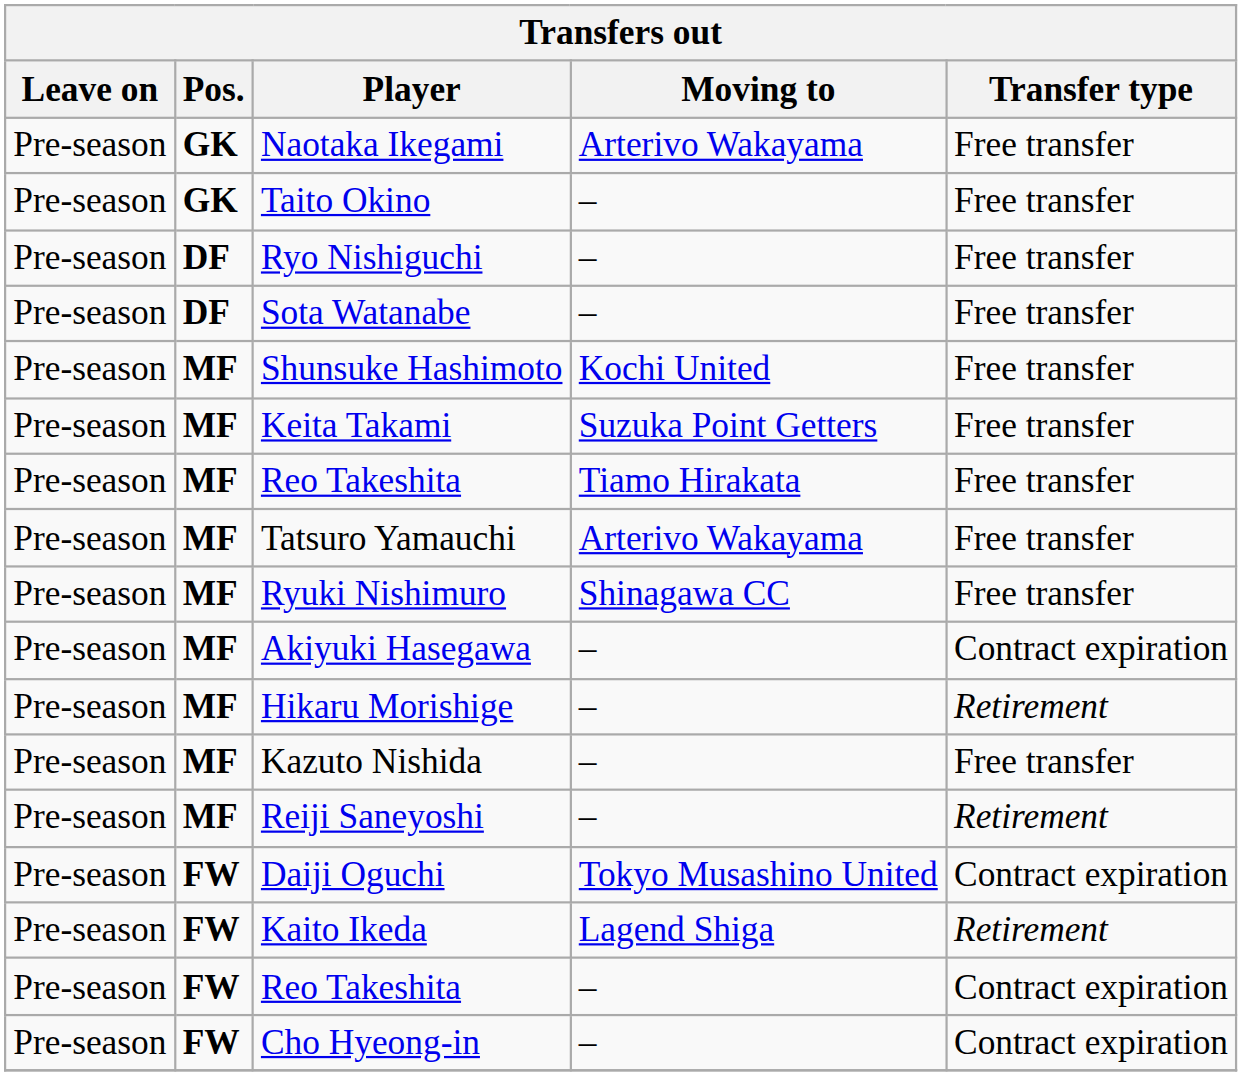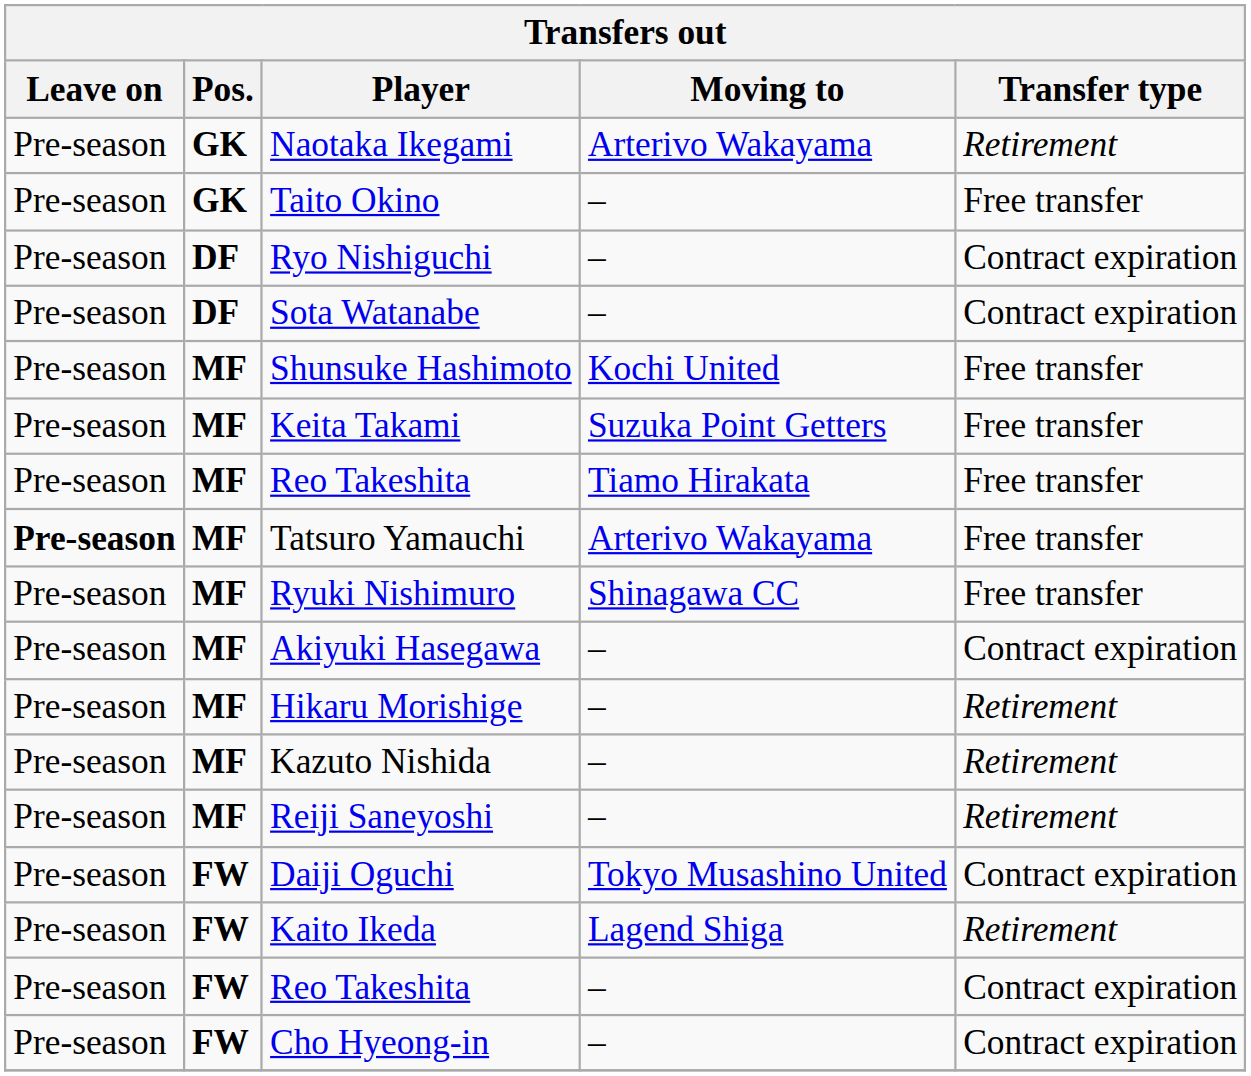 <table class="wikitable sortable" style=“text-align:left;>
 <tr>
 <th colspan="5">Transfers out</th>
 </tr>
 <tr>
 <th>Leave on</th>
 <th>Pos.</th>
 <th>Player</th>
 <th>Moving to</th>
 <th>Transfer type</th>
 </tr>
 <tr>
 <td>Pre-season</td>
 <td><strong>GK</strong></td>
 <td> <a href='#'>Naotaka Ikegami</a></td>
 <td> <a href='#'>Arterivo Wakayama</a></td>
-<td>Free transfer</td>
+<td><em>Retirement</em></td>
 </tr>
 <tr>
 <td>Pre-season</td>
 <td><strong>GK</strong></td>
 <td> <a href='#'>Taito Okino</a></td>
 <td>–</td>
 <td>Free transfer</td>
 </tr>
 <tr>
 <td>Pre-season</td>
 <td><strong>DF</strong></td>
 <td> <a href='#'>Ryo Nishiguchi</a></td>
 <td>–</td>
-<td>Free transfer</td>
+<td>Contract expiration</td>
 </tr>
 <tr>
 <td>Pre-season</td>
 <td><strong>DF</strong></td>
 <td> <a href='#'>Sota Watanabe</a></td>
 <td>–</td>
-<td>Free transfer</td>
+<td>Contract expiration</td>
 </tr>
 <tr>
 <td>Pre-season</td>
 <td><strong>MF</strong></td>
 <td> <a href='#'>Shunsuke Hashimoto</a></td>
 <td> <a href='#'>Kochi United</a></td>
 <td>Free transfer</td>
 </tr>
 <tr>
 <td>Pre-season</td>
 <td><strong>MF</strong></td>
 <td> <a href='#'>Keita Takami</a></td>
 <td> <a href='#'>Suzuka Point Getters</a></td>
 <td>Free transfer</td>
 </tr>
 <tr>
 <td>Pre-season</td>
 <td><strong>MF</strong></td>
 <td> <a href='#'>Reo Takeshita</a></td>
 <td> <a href='#'>Tiamo Hirakata</a></td>
 <td>Free transfer</td>
 </tr>
 <tr>
-<td>Pre-season</td>
+<td><strong>Pre-season</strong></td>
 <td><strong>MF</strong></td>
 <td> Tatsuro Yamauchi</td>
 <td> <a href='#'>Arterivo Wakayama</a></td>
 <td>Free transfer</td>
 </tr>
 <tr>
 <td>Pre-season</td>
 <td><strong>MF</strong></td>
 <td> <a href='#'>Ryuki Nishimuro</a></td>
 <td> <a href='#'>Shinagawa CC</a></td>
 <td>Free transfer</td>
 </tr>
 <tr>
 <td>Pre-season</td>
 <td><strong>MF</strong></td>
 <td> <a href='#'>Akiyuki Hasegawa</a></td>
 <td>–</td>
 <td>Contract expiration</td>
 </tr>
 <tr>
 <td>Pre-season</td>
 <td><strong>MF</strong></td>
 <td> <a href='#'>Hikaru Morishige</a></td>
 <td>–</td>
 <td><em>Retirement</em></td>
 </tr>
 <tr>
 <td>Pre-season</td>
 <td><strong>MF</strong></td>
 <td> Kazuto Nishida</td>
 <td>–</td>
-<td>Free transfer</td>
+<td><em>Retirement</em></td>
 </tr>
 <tr>
 <td>Pre-season</td>
 <td><strong>MF</strong></td>
 <td> <a href='#'>Reiji Saneyoshi</a></td>
 <td>–</td>
 <td><em>Retirement</em></td>
 </tr>
 <tr>
 <td>Pre-season</td>
 <td><strong>FW</strong></td>
 <td> <a href='#'>Daiji Oguchi</a></td>
 <td> <a href='#'>Tokyo Musashino United</a></td>
 <td>Contract expiration</td>
 </tr>
 <tr>
 <td>Pre-season</td>
 <td><strong>FW</strong></td>
 <td> <a href='#'>Kaito Ikeda</a></td>
 <td> <a href='#'>Lagend Shiga</a></td>
 <td><em>Retirement</em></td>
 </tr>
 <tr>
 <td>Pre-season</td>
 <td><strong>FW</strong></td>
 <td> <a href='#'>Reo Takeshita</a></td>
 <td>–</td>
 <td>Contract expiration</td>
 </tr>
 <tr>
 <td>Pre-season</td>
 <td><strong>FW</strong></td>
 <td> <a href='#'>Cho Hyeong-in</a></td>
 <td>–</td>
 <td>Contract expiration</td>
 </tr>
 <tr>
 </tr>
 </table>
